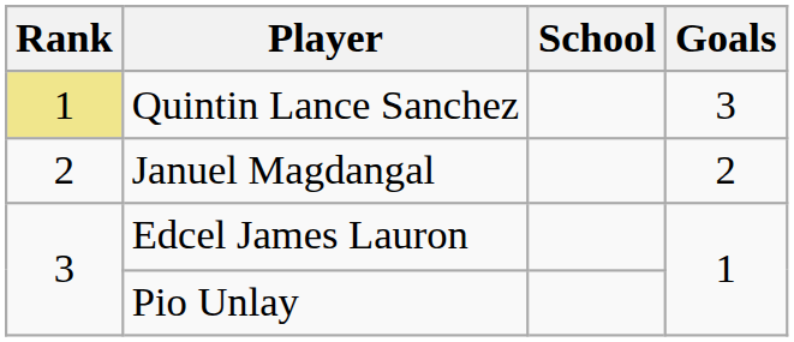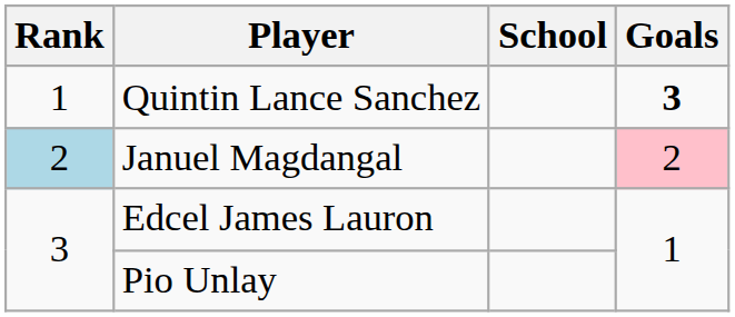 <table class="wikitable">
 <tr>
 <th>Rank</th>
 <th>Player</th>
 <th>School</th>
 <th>Goals</th>
 </tr>
 <tr>
-<td style="background: khaki; text-align:center;">1</td>
+<td style="text-align:center;">1</td>
 <td> Quintin Lance Sanchez</td>
 <td></td>
-<td style="text-align:center;">3</td>
+<td style="text-align:center;"><strong>3</strong></td>
 </tr>
 <tr>
-<td style="text-align:center;">2</td>
+<td style="background: lightblue; text-align:center;">2</td>
 <td> Januel Magdangal</td>
 <td></td>
-<td style="text-align:center;">2</td>
+<td style="background: pink; text-align:center;">2</td>
 </tr>
 <tr>
 <td rowspan="2" style="text-align:center;">3</td>
 <td> Edcel James Lauron</td>
 <td></td>
 <td rowspan="2" style="text-align:center;">1</td>
 </tr>
 <tr>
 <td> Pio Unlay</td>
 <td></td>
 </tr>
 </table>
